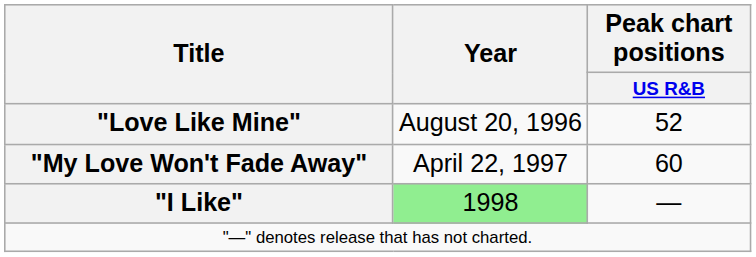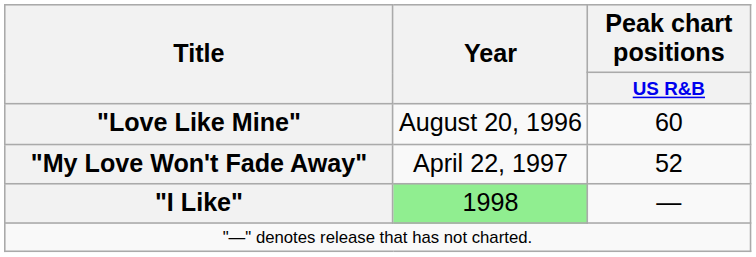 <table class="wikitable plainrowheaders" style="text-align:center;">
 <tr>
 <th scope="col" rowspan="2" style="width:15em;">Title</th>
 <th scope="col" rowspan="2">Year</th>
 <th scope="col" style="width:6em;">Peak chart positions</th>
 </tr>
 <tr>
 <th style="width:3em;font-size:75%;"><a href='#'>US R&B</a><br></th>
 </tr>
 <tr>
 <th scope="row">"Love Like Mine"</th>
 <td>August 20, 1996</td>
-<td>52</td>
+<td>60</td>
 </tr>
 <tr>
 <th scope="row">"My Love Won't Fade Away"</th>
 <td>April 22, 1997</td>
-<td>60</td>
+<td>52</td>
 </tr>
 <tr>
 <th scope="row">"I Like"</th>
 <td style="background: lightgreen;">1998</td>
 <td>—</td>
 </tr>
 <tr>
 <td colspan="3" style="font-size: 8pt">"—" denotes release that has not charted.</td>
 </tr>
 </table>
